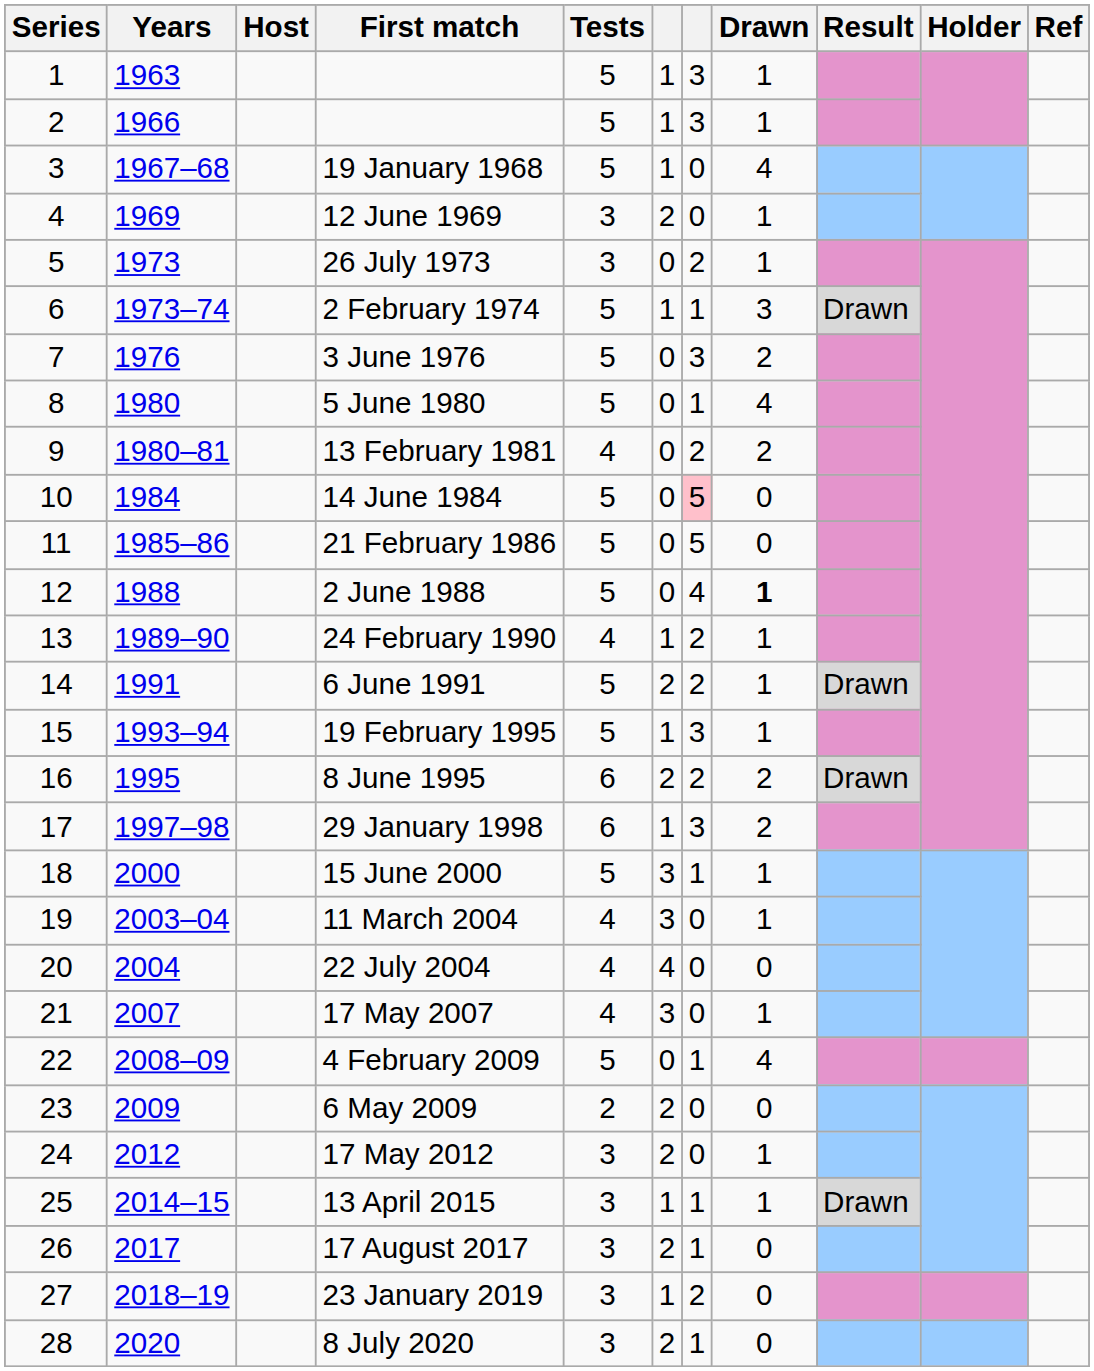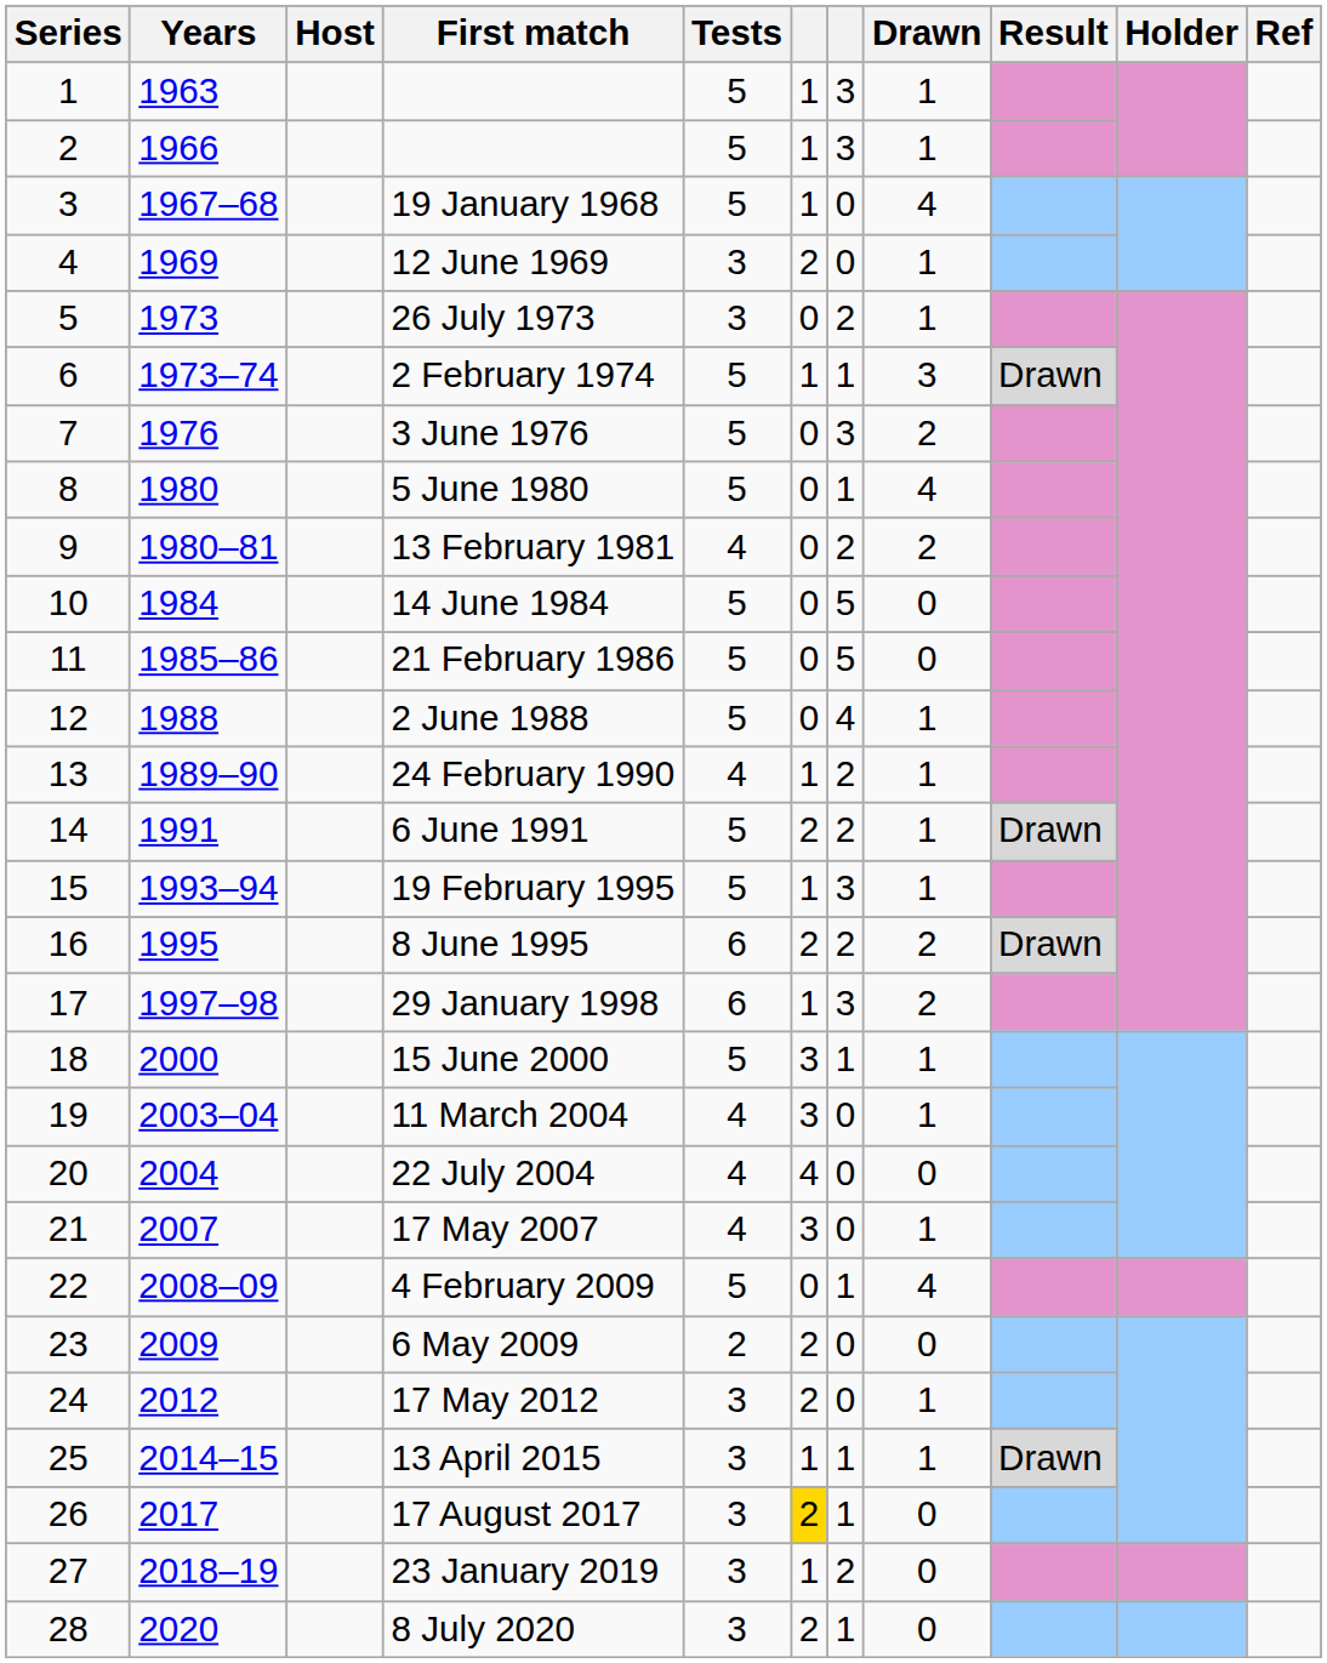 <table class="wikitable sortable">
 <tr>
 <th scope="col">Series</th>
 <th scope="col">Years</th>
 <th scope="col">Host</th>
 <th scope="col">First match</th>
 <th scope="col">Tests</th>
 <th scope="col"></th>
 <th scope="col"></th>
 <th scope="col">Drawn</th>
 <th scope="col" class="unsortable">Result</th>
 <th scope="col" class="unsortable">Holder</th>
 <th scope="col" class="unsortable">Ref</th>
 </tr>
 <tr>
 <td align="center">1</td>
 <td><a href='#'>1963</a></td>
 <td></td>
 <td></td>
 <td align="center">5</td>
 <td align="center">1</td>
 <td align="center">3</td>
 <td align="center">1</td>
 <td style="background:#E494CC"></td>
 <td rowspan=2 style="background:#E494CC"></td>
 <td></td>
 </tr>
 <tr>
 <td align="center">2</td>
 <td><a href='#'>1966</a></td>
 <td></td>
 <td></td>
 <td align="center">5</td>
 <td align="center">1</td>
 <td align="center">3</td>
 <td align="center">1</td>
 <td style="background:#E494CC"></td>
 <td></td>
 </tr>
 <tr>
 <td align="center">3</td>
 <td><a href='#'>1967–68</a></td>
 <td></td>
 <td>19 January 1968</td>
 <td align="center">5</td>
 <td align="center">1</td>
 <td align="center">0</td>
 <td align="center">4</td>
 <td bgcolor="#99ccff"></td>
 <td rowspan=2 bgcolor="#99ccff"></td>
 <td></td>
 </tr>
 <tr>
 <td align="center">4</td>
 <td><a href='#'>1969</a></td>
 <td></td>
 <td>12 June 1969</td>
 <td align="center">3</td>
 <td align="center">2</td>
 <td align="center">0</td>
 <td align="center">1</td>
 <td bgcolor="#99ccff"></td>
 <td></td>
 </tr>
 <tr>
 <td align="center">5</td>
 <td><a href='#'>1973</a></td>
 <td></td>
 <td>26 July 1973</td>
 <td align="center">3</td>
 <td align="center">0</td>
 <td align="center">2</td>
 <td align="center">1</td>
 <td style="background:#E494CC"></td>
 <td rowspan=13 style="background:#E494CC"></td>
 <td></td>
 </tr>
 <tr>
 <td align="center">6</td>
 <td><a href='#'>1973–74</a></td>
 <td></td>
 <td>2 February 1974</td>
 <td align="center">5</td>
 <td align="center">1</td>
 <td align="center">1</td>
 <td align="center">3</td>
 <td bgcolor=#d8d8d8>Drawn</td>
 <td></td>
 </tr>
 <tr>
 <td align="center">7</td>
 <td><a href='#'>1976</a></td>
 <td></td>
 <td>3 June 1976</td>
 <td align="center">5</td>
 <td align="center">0</td>
 <td align="center">3</td>
 <td align="center">2</td>
 <td style="background:#E494CC"></td>
 <td></td>
 </tr>
 <tr>
 <td align="center">8</td>
 <td><a href='#'>1980</a></td>
 <td></td>
 <td>5 June 1980</td>
 <td align="center">5</td>
 <td align="center">0</td>
 <td align="center">1</td>
 <td align="center">4</td>
 <td style="background:#E494CC"></td>
 <td></td>
 </tr>
 <tr>
 <td align="center">9</td>
 <td><a href='#'>1980–81</a></td>
 <td></td>
 <td>13 February 1981</td>
 <td align="center">4</td>
 <td align="center">0</td>
 <td align="center">2</td>
 <td align="center">2</td>
 <td style="background:#E494CC"></td>
 <td></td>
 </tr>
 <tr>
 <td align="center">10</td>
 <td><a href='#'>1984</a></td>
 <td></td>
 <td>14 June 1984</td>
 <td align="center">5</td>
 <td align="center">0</td>
-<td align="center" style="background: pink;">5</td>
+<td align="center">5</td>
 <td align="center">0</td>
 <td style="background:#E494CC"></td>
 <td></td>
 </tr>
 <tr>
 <td align="center">11</td>
 <td><a href='#'>1985–86</a></td>
 <td></td>
 <td>21 February 1986</td>
 <td align="center">5</td>
 <td align="center">0</td>
 <td align="center">5</td>
 <td align="center">0</td>
 <td style="background:#E494CC"></td>
 <td></td>
 </tr>
 <tr>
 <td align="center">12</td>
 <td><a href='#'>1988</a></td>
 <td></td>
 <td>2 June 1988</td>
 <td align="center">5</td>
 <td align="center">0</td>
 <td align="center">4</td>
-<td align="center"><strong>1</strong></td>
+<td align="center">1</td>
 <td style="background:#E494CC"></td>
 <td></td>
 </tr>
 <tr>
 <td align="center">13</td>
 <td><a href='#'>1989–90</a></td>
 <td></td>
 <td>24 February 1990</td>
 <td align="center">4</td>
 <td align="center">1</td>
 <td align="center">2</td>
 <td align="center">1</td>
 <td style="background:#E494CC"></td>
 <td></td>
 </tr>
 <tr>
 <td align="center">14</td>
 <td><a href='#'>1991</a></td>
 <td></td>
 <td>6 June 1991</td>
 <td align="center">5</td>
 <td align="center">2</td>
 <td align="center">2</td>
 <td align="center">1</td>
 <td bgcolor=#d8d8d8>Drawn</td>
 <td></td>
 </tr>
 <tr>
 <td align="center">15</td>
 <td><a href='#'>1993–94</a></td>
 <td></td>
 <td>19 February 1995</td>
 <td align="center">5</td>
 <td align="center">1</td>
 <td align="center">3</td>
 <td align="center">1</td>
 <td style="background:#E494CC"></td>
 <td></td>
 </tr>
 <tr>
 <td align="center">16</td>
 <td><a href='#'>1995</a></td>
 <td></td>
 <td>8 June 1995</td>
 <td align="center">6</td>
 <td align="center">2</td>
 <td align="center">2</td>
 <td align="center">2</td>
 <td bgcolor=#d8d8d8>Drawn</td>
 <td></td>
 </tr>
 <tr>
 <td align="center">17</td>
 <td><a href='#'>1997–98</a></td>
 <td></td>
 <td>29 January 1998</td>
 <td align="center">6</td>
 <td align="center">1</td>
 <td align="center">3</td>
 <td align="center">2</td>
 <td style="background:#E494CC"></td>
 <td></td>
 </tr>
 <tr>
 <td align="center">18</td>
 <td><a href='#'>2000</a></td>
 <td></td>
 <td>15 June 2000</td>
 <td align="center">5</td>
 <td align="center">3</td>
 <td align="center">1</td>
 <td align="center">1</td>
 <td bgcolor="#99ccff"></td>
 <td rowspan=4 bgcolor="#99ccff"></td>
 <td></td>
 </tr>
 <tr>
 <td align="center">19</td>
 <td><a href='#'>2003–04</a></td>
 <td></td>
 <td>11 March 2004</td>
 <td align="center">4</td>
 <td align="center">3</td>
 <td align="center">0</td>
 <td align="center">1</td>
 <td bgcolor="#99ccff"></td>
 <td></td>
 </tr>
 <tr>
 <td align="center">20</td>
 <td><a href='#'>2004</a></td>
 <td></td>
 <td>22 July 2004</td>
 <td align="center">4</td>
 <td align="center">4</td>
 <td align="center">0</td>
 <td align="center">0</td>
 <td bgcolor="#99ccff"></td>
 <td></td>
 </tr>
 <tr>
 <td align="center">21</td>
 <td><a href='#'>2007</a></td>
 <td></td>
 <td>17 May 2007</td>
 <td align="center">4</td>
 <td align="center">3</td>
 <td align="center">0</td>
 <td align="center">1</td>
 <td bgcolor="#99ccff"></td>
 <td></td>
 </tr>
 <tr>
 <td align="center">22</td>
 <td><a href='#'>2008–09</a></td>
 <td></td>
 <td>4 February 2009</td>
 <td align="center">5</td>
 <td align="center">0</td>
 <td align="center">1</td>
 <td align="center">4</td>
 <td style="background:#E494CC"></td>
 <td style="background:#E494CC"></td>
 <td></td>
 </tr>
 <tr>
 <td align="center">23</td>
 <td><a href='#'>2009</a></td>
 <td></td>
 <td>6 May 2009</td>
 <td align="center">2</td>
 <td align="center">2</td>
 <td align="center">0</td>
 <td align="center">0</td>
 <td bgcolor="#99ccff"></td>
 <td rowspan=4 bgcolor="#99ccff"></td>
 <td></td>
 </tr>
 <tr>
 <td align="center">24</td>
 <td><a href='#'>2012</a></td>
 <td></td>
 <td>17 May 2012</td>
 <td align="center">3</td>
 <td align="center">2</td>
 <td align="center">0</td>
 <td align="center">1</td>
 <td bgcolor="#99ccff"></td>
 <td></td>
 </tr>
 <tr>
 <td align="center">25</td>
 <td><a href='#'>2014–15</a></td>
 <td></td>
 <td>13 April 2015</td>
 <td align="center">3</td>
 <td align="center">1</td>
 <td align="center">1</td>
 <td align="center">1</td>
 <td bgcolor=#d8d8d8>Drawn</td>
 <td></td>
 </tr>
 <tr>
 <td align="center">26</td>
 <td><a href='#'>2017</a></td>
 <td></td>
 <td>17 August 2017</td>
 <td align="center">3</td>
-<td align="center">2</td>
+<td align="center" style="background: gold;">2</td>
 <td align="center">1</td>
 <td align="center">0</td>
 <td bgcolor="#99ccff"></td>
 <td></td>
 </tr>
 <tr>
 <td align="center">27</td>
 <td><a href='#'>2018–19</a></td>
 <td></td>
 <td>23 January 2019</td>
 <td align="center">3</td>
 <td align="center">1</td>
 <td align="center">2</td>
 <td align="center">0</td>
 <td style="background:#E494CC"></td>
 <td style="background:#E494CC"></td>
 <td></td>
 </tr>
 <tr>
 <td align="center">28</td>
 <td><a href='#'>2020</a></td>
 <td></td>
 <td>8 July 2020</td>
 <td align="center">3</td>
 <td align="center">2</td>
 <td align="center">1</td>
 <td align="center">0</td>
 <td style="background:#99ccff;"></td>
 <td style="background:#99ccff;"></td>
 <td></td>
 </tr>
 <tr>
 </tr>
 </table>
